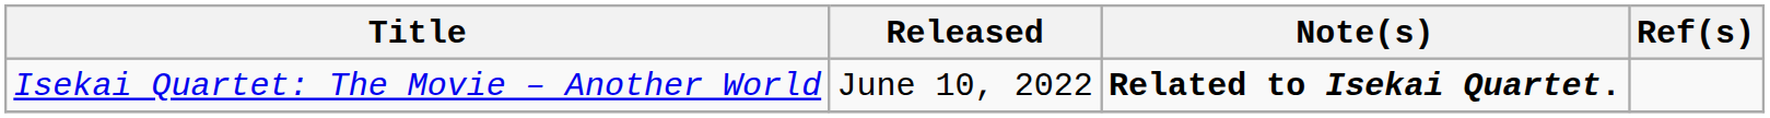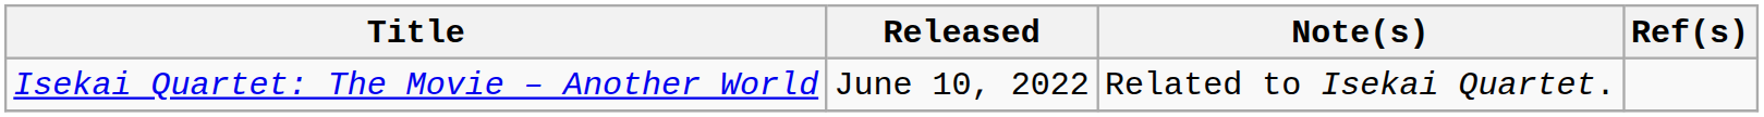 <table class="wikitable sortable">
 <tr>
 <th scope="col">Title</th>
 <th scope="col">Released</th>
 <th scope="col" class="unsortable">Note(s)</th>
 <th scope="col" class="unsortable">Ref(s)</th>
 </tr>
 <tr>
 <td><em><a href='#'>Isekai Quartet: The Movie – Another World</a></em></td>
 <td>June 10, 2022</td>
-<td><strong>Related to <em>Isekai Quartet</em>.</strong></td>
+<td>Related to <em>Isekai Quartet</em>.</td>
 <td></td>
 </tr>
 <tr>
 </tr>
 </table>
